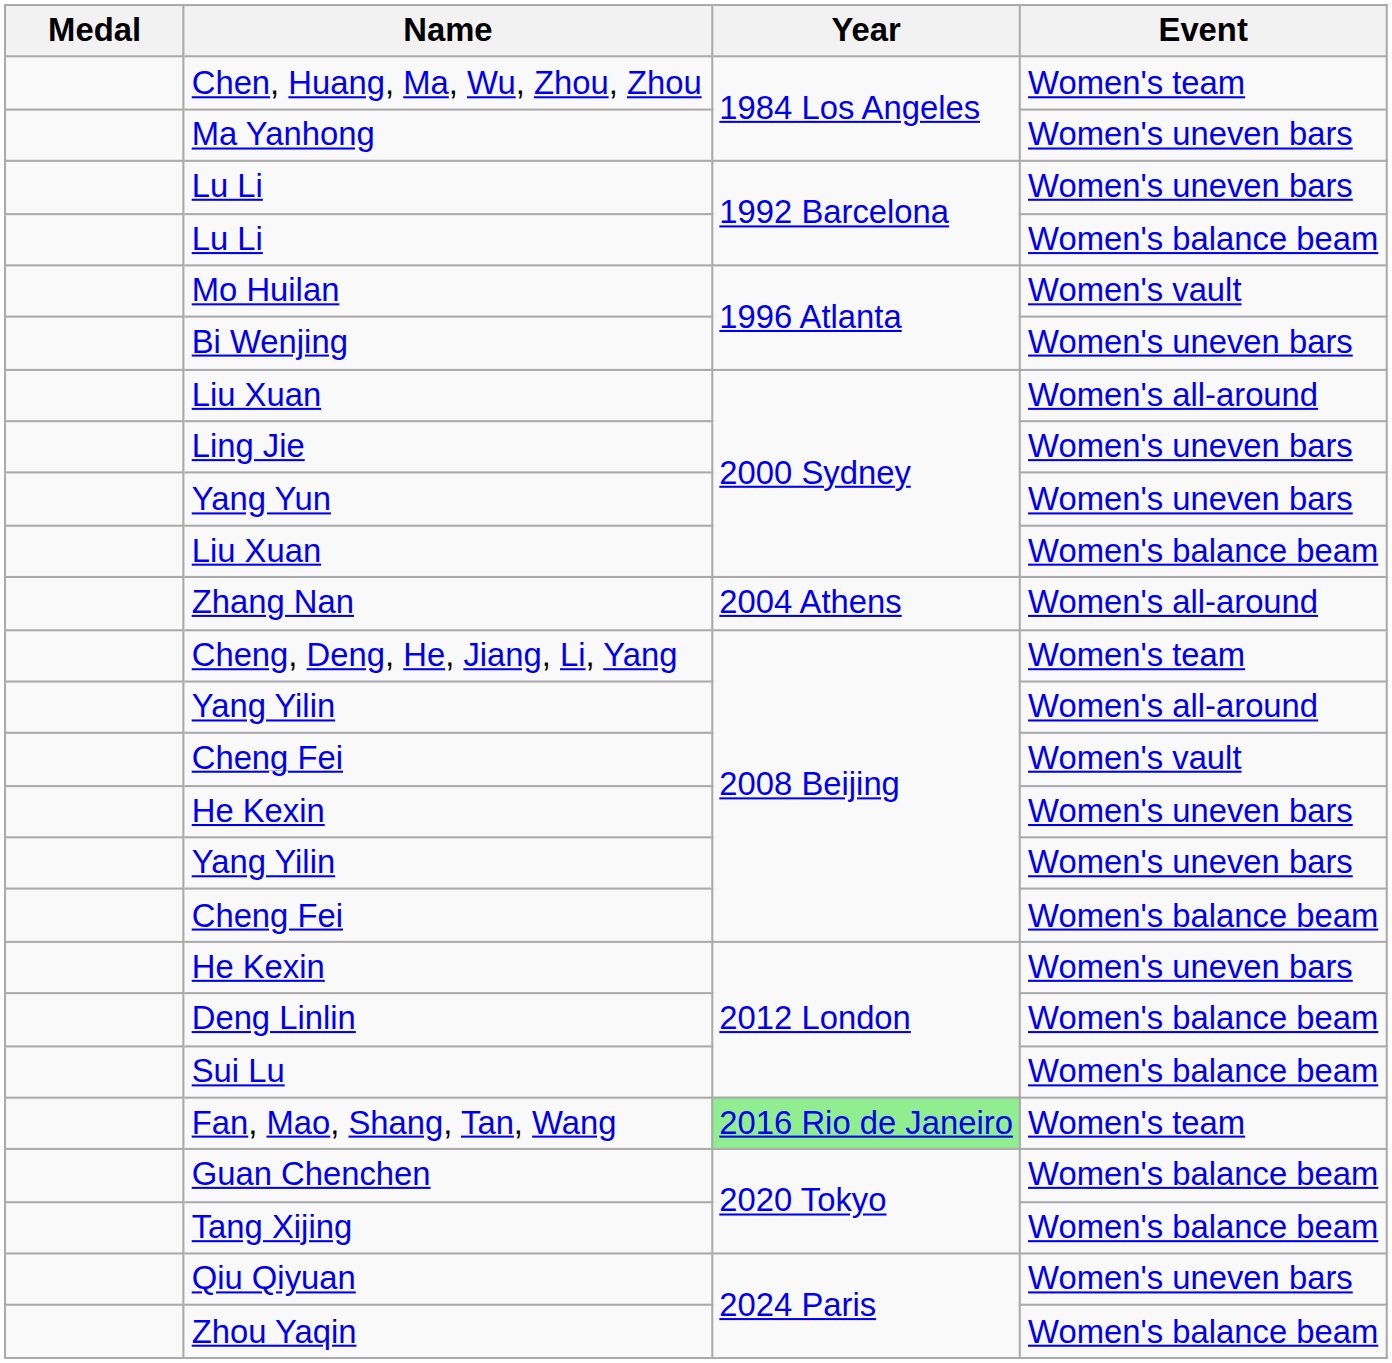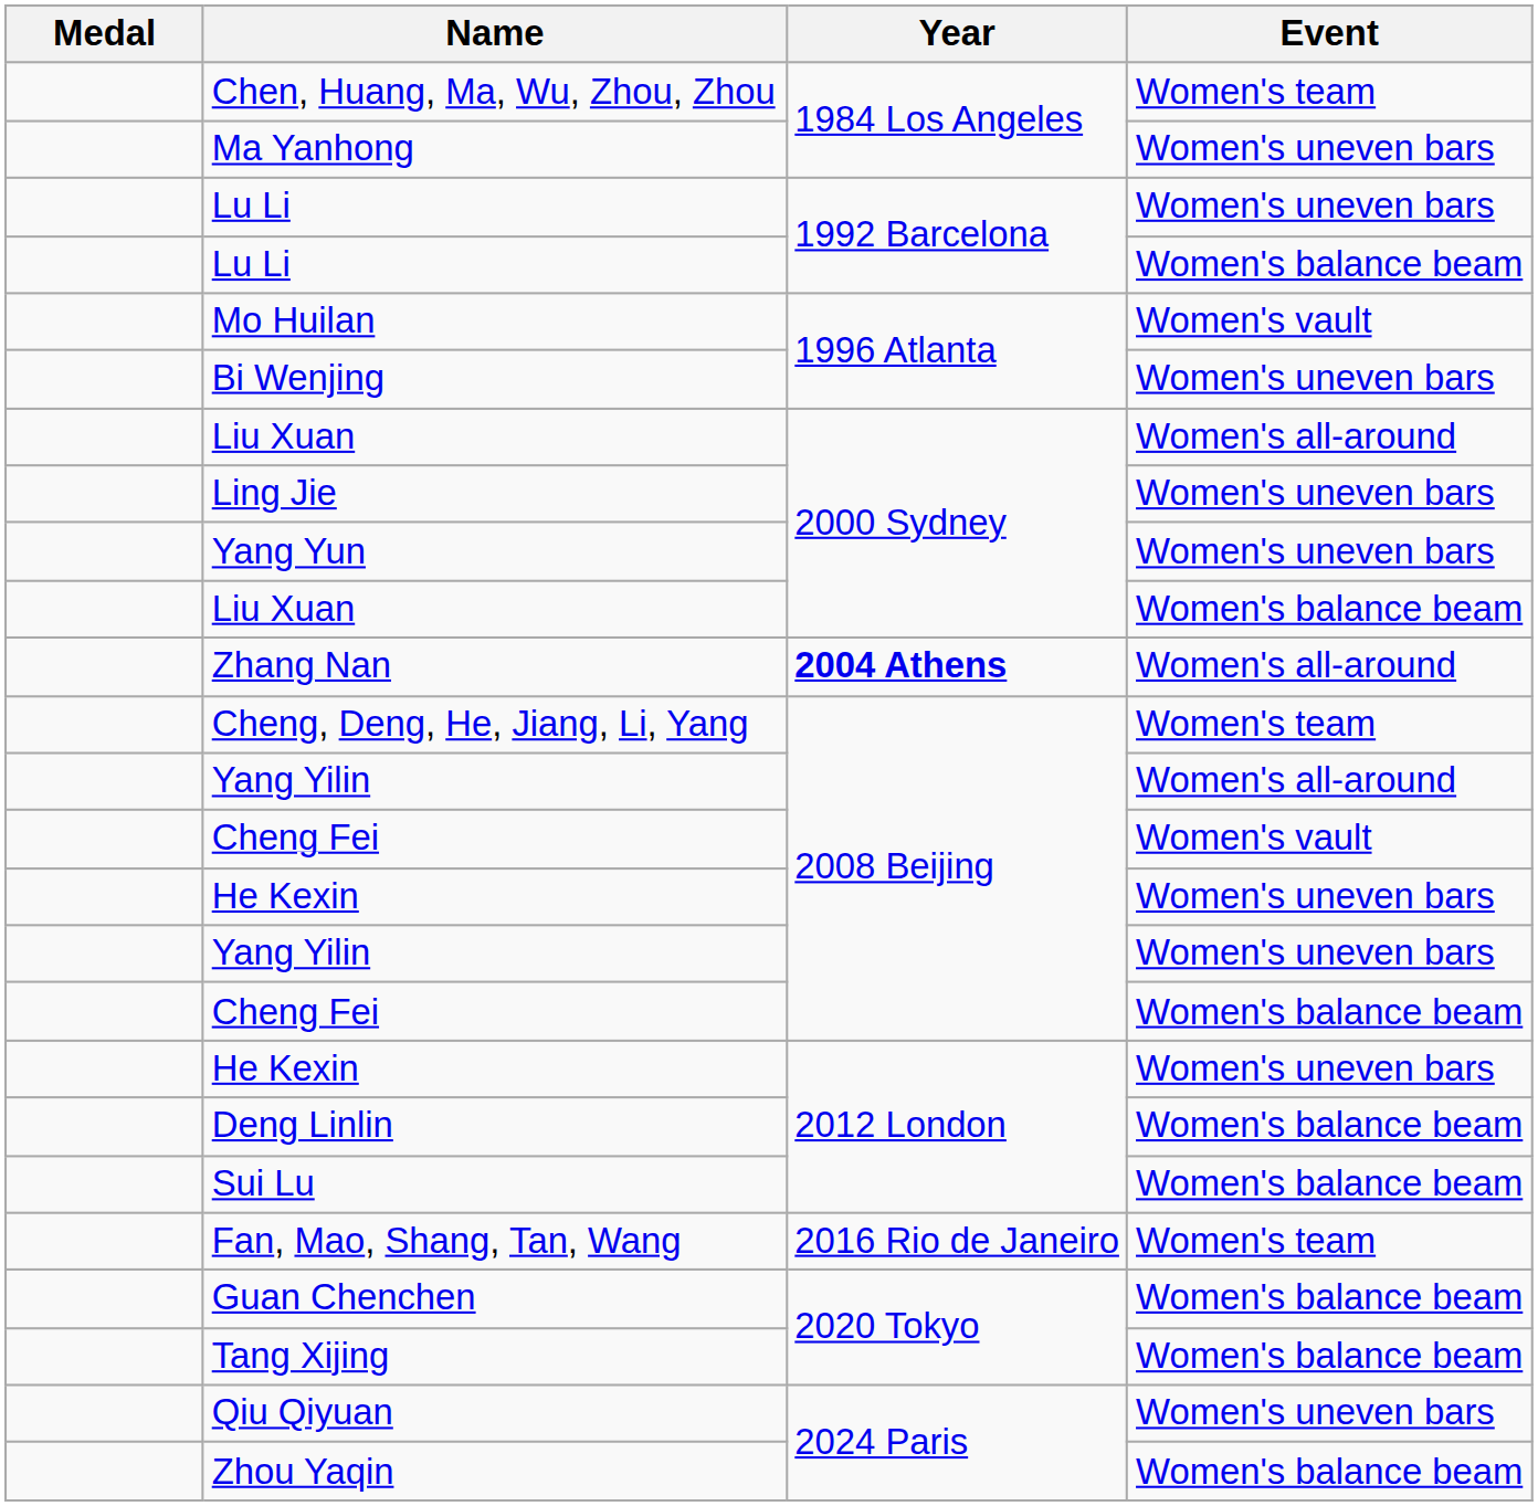 <table class="wikitable sortable">
 <tr>
 <th style="width:5em;">Medal</th>
 <th width=250>Name</th>
 <th>Year</th>
 <th>Event</th>
 </tr>
 <tr>
 <td></td>
 <td><a href='#'>Chen</a>, <a href='#'>Huang</a>, <a href='#'>Ma</a>, <a href='#'>Wu</a>, <a href='#'>Zhou</a>, <a href='#'>Zhou</a></td>
 <td rowspan="2"> <a href='#'>1984 Los Angeles</a></td>
 <td><a href='#'>Women's team</a></td>
 </tr>
 <tr>
 <td></td>
 <td><a href='#'>Ma Yanhong</a></td>
 <td><a href='#'>Women's uneven bars</a></td>
 </tr>
 <tr>
 <td></td>
 <td><a href='#'>Lu Li</a></td>
 <td rowspan="2"> <a href='#'>1992 Barcelona</a></td>
 <td><a href='#'>Women's uneven bars</a></td>
 </tr>
 <tr>
 <td></td>
 <td><a href='#'>Lu Li</a></td>
 <td><a href='#'>Women's balance beam</a></td>
 </tr>
 <tr>
 <td></td>
 <td><a href='#'>Mo Huilan</a></td>
 <td rowspan="2"> <a href='#'>1996 Atlanta</a></td>
 <td><a href='#'>Women's vault</a></td>
 </tr>
 <tr>
 <td></td>
 <td><a href='#'>Bi Wenjing</a></td>
 <td><a href='#'>Women's uneven bars</a></td>
 </tr>
 <tr>
 <td></td>
 <td><a href='#'>Liu Xuan</a></td>
 <td rowspan="4"> <a href='#'>2000 Sydney</a></td>
 <td><a href='#'>Women's all-around</a></td>
 </tr>
 <tr>
 <td></td>
 <td><a href='#'>Ling Jie</a></td>
 <td><a href='#'>Women's uneven bars</a></td>
 </tr>
 <tr>
 <td></td>
 <td><a href='#'>Yang Yun</a></td>
 <td><a href='#'>Women's uneven bars</a></td>
 </tr>
 <tr>
 <td></td>
 <td><a href='#'>Liu Xuan</a></td>
 <td><a href='#'>Women's balance beam</a></td>
 </tr>
 <tr>
 <td></td>
 <td><a href='#'>Zhang Nan</a></td>
-<td> <a href='#'>2004 Athens</a></td>
+<td><strong> <a href='#'>2004 Athens</a></strong></td>
 <td><a href='#'>Women's all-around</a></td>
 </tr>
 <tr>
 <td></td>
 <td><a href='#'>Cheng</a>, <a href='#'>Deng</a>, <a href='#'>He</a>, <a href='#'>Jiang</a>, <a href='#'>Li</a>, <a href='#'>Yang</a></td>
 <td rowspan="6"> <a href='#'>2008 Beijing</a></td>
 <td><a href='#'>Women's team</a></td>
 </tr>
 <tr>
 <td></td>
 <td><a href='#'>Yang Yilin</a></td>
 <td><a href='#'>Women's all-around</a></td>
 </tr>
 <tr>
 <td></td>
 <td><a href='#'>Cheng Fei</a></td>
 <td><a href='#'>Women's vault</a></td>
 </tr>
 <tr>
 <td></td>
 <td><a href='#'>He Kexin</a></td>
 <td><a href='#'>Women's uneven bars</a></td>
 </tr>
 <tr>
 <td></td>
 <td><a href='#'>Yang Yilin</a></td>
 <td><a href='#'>Women's uneven bars</a></td>
 </tr>
 <tr>
 <td></td>
 <td><a href='#'>Cheng Fei</a></td>
 <td><a href='#'>Women's balance beam</a></td>
 </tr>
 <tr>
 <td></td>
 <td><a href='#'>He Kexin</a></td>
 <td rowspan="3"> <a href='#'>2012 London</a></td>
 <td><a href='#'>Women's uneven bars</a></td>
 </tr>
 <tr>
 <td></td>
 <td><a href='#'>Deng Linlin</a></td>
 <td><a href='#'>Women's balance beam</a></td>
 </tr>
 <tr>
 <td></td>
 <td><a href='#'>Sui Lu</a></td>
 <td><a href='#'>Women's balance beam</a></td>
 </tr>
 <tr>
 <td></td>
 <td><a href='#'>Fan</a>, <a href='#'>Mao</a>, <a href='#'>Shang</a>, <a href='#'>Tan</a>, <a href='#'>Wang</a></td>
-<td style="background: lightgreen;"> <a href='#'>2016 Rio de Janeiro</a></td>
+<td> <a href='#'>2016 Rio de Janeiro</a></td>
 <td><a href='#'>Women's team</a></td>
 </tr>
 <tr>
 <td></td>
 <td><a href='#'>Guan Chenchen</a></td>
 <td rowspan="2"> <a href='#'>2020 Tokyo</a></td>
 <td><a href='#'>Women's balance beam</a></td>
 </tr>
 <tr>
 <td></td>
 <td><a href='#'>Tang Xijing</a></td>
 <td><a href='#'>Women's balance beam</a></td>
 </tr>
 <tr>
 <td></td>
 <td><a href='#'>Qiu Qiyuan</a></td>
 <td rowspan="2"> <a href='#'>2024 Paris</a></td>
 <td><a href='#'>Women's uneven bars</a></td>
 </tr>
 <tr>
 <td></td>
 <td><a href='#'>Zhou Yaqin</a></td>
 <td><a href='#'>Women's balance beam</a></td>
 </tr>
 </table>
